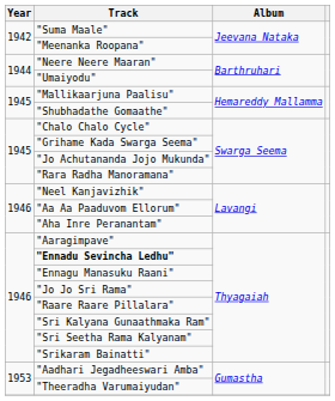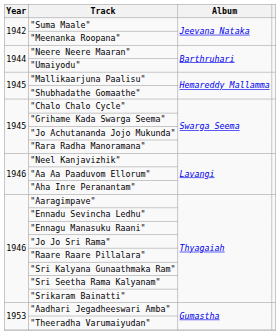 <table class="wikitable plainrowheaders">
 <tr>
 <th>Year</th>
 <th>Track</th>
 <th>Album</th>
 <th class="unsortable"></th>
 </tr>
 <tr>
 <td rowspan="2">1942</td>
 <td>"Suma Maale"</td>
 <td rowspan="2"><em><a href='#'>Jeevana Nataka</a></em></td>
 <td rowspan="2"></td>
 </tr>
 <tr>
 <td>"Meenanka Roopana"</td>
 </tr>
 <tr>
 <td rowspan="2">1944</td>
 <td>"Neere Neere Maaran"</td>
 <td rowspan="2"><em><a href='#'>Barthruhari</a></em></td>
 <td rowspan="2"></td>
 </tr>
 <tr>
 <td>"Umaiyodu"</td>
 </tr>
 <tr>
 <td rowspan="2">1945</td>
 <td>"Mallikaarjuna Paalisu"</td>
 <td rowspan="2"><em><a href='#'>Hemareddy Mallamma</a></em></td>
 <td rowspan="2"></td>
 </tr>
 <tr>
 <td>"Shubhadathe Gomaathe"</td>
 </tr>
 <tr>
 <td rowspan="4">1945</td>
 <td>"Chalo Chalo Cycle"</td>
 <td rowspan="4"><em><a href='#'>Swarga Seema</a></em></td>
 <td rowspan="4"></td>
 </tr>
 <tr>
 <td>"Grihame Kada Swarga Seema"</td>
 </tr>
 <tr>
 <td>"Jo Achutananda Jojo Mukunda"</td>
 </tr>
 <tr>
 <td>"Rara Radha Manoramana"</td>
 </tr>
 <tr>
 <td rowspan="3">1946</td>
 <td>"Neel Kanjavizhik"</td>
 <td rowspan="3"><em><a href='#'>Lavangi</a></em></td>
 <td rowspan="3"></td>
 </tr>
 <tr>
 <td>"Aa Aa Paaduvom Ellorum"</td>
 </tr>
 <tr>
 <td>"Aha Inre Peranantam"</td>
 </tr>
 <tr>
 <td rowspan="8">1946</td>
 <td>"Aaragimpave"</td>
 <td rowspan="8"><em><a href='#'>Thyagaiah</a></em></td>
 <td rowspan="8"></td>
 </tr>
 <tr>
-<td><strong>"Ennadu Sevincha Ledhu"</strong></td>
+<td>"Ennadu Sevincha Ledhu"</td>
 </tr>
 <tr>
 <td>"Ennagu Manasuku Raani"</td>
 </tr>
 <tr>
 <td>"Jo Jo Sri Rama"</td>
 </tr>
 <tr>
 <td>"Raare Raare Pillalara"</td>
 </tr>
 <tr>
 <td>"Sri Kalyana Gunaathmaka Ram"</td>
 </tr>
 <tr>
 <td>"Sri Seetha Rama Kalyanam"</td>
 </tr>
 <tr>
 <td>"Srikaram Bainatti"</td>
 </tr>
 <tr>
 <td rowspan="2">1953</td>
 <td>"Aadhari Jegadheeswari Amba"</td>
 <td rowspan="2"><em><a href='#'>Gumastha</a></em></td>
 <td rowspan="2"></td>
 </tr>
 <tr>
 <td>"Theeradha Varumaiyudan"</td>
 </tr>
 <tr>
 </tr>
 </table>
